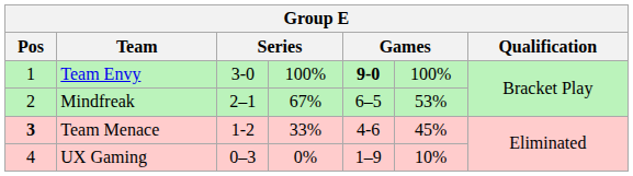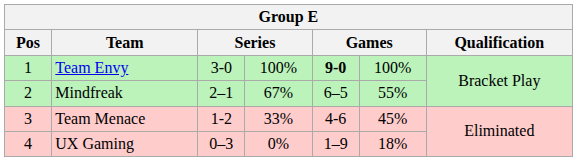 <table class="wikitable" style="display: inline-table;width: 45%;">
 <tr>
 <th colspan="7">Group E</th>
 </tr>
 <tr>
 <th>Pos</th>
 <th>Team</th>
 <th colspan="2">Series</th>
 <th colspan="2">Games</th>
 <th>Qualification</th>
 </tr>
 <tr>
 <td style="text-align:center; background:#BBF3BB;">1</td>
 <td style="text-align:left; background:#BBF3BB;"><a href='#'>Team Envy</a></td>
 <td style="text-align:center; background:#BBF3BB;">3-0</td>
 <td style="text-align:center; background:#BBF3BB;">100%</td>
 <td style="text-align:center; background:#BBF3BB;"><strong>9-0</strong></td>
 <td style="text-align:center; background:#BBF3BB;">100%</td>
 <td style="text-align:center; background:#BBF3BB;" rowspan="2">Bracket Play</td>
 </tr>
 <tr>
 <td style="text-align:center; background:#BBF3BB;">2</td>
 <td style="text-align:left; background:#BBF3BB;">Mindfreak</td>
 <td style="text-align:center; background:#BBF3BB;">2–1</td>
 <td style="text-align:center; background:#BBF3BB;">67%</td>
 <td style="text-align:center; background:#BBF3BB;">6–5</td>
-<td style="text-align:center; background:#BBF3BB;">53%</td>
+<td style="text-align:center; background:#BBF3BB;">55%</td>
 </tr>
 <tr>
-<td style="text-align:center; background:#FFCCCC;"><strong>3</strong></td>
+<td style="text-align:center; background:#FFCCCC;">3</td>
 <td style="text-align:left; background:#FFCCCC;">Team Menace</td>
 <td style="text-align:center; background:#FFCCCC;">1-2</td>
 <td style="text-align:center; background:#FFCCCC;">33%</td>
 <td style="text-align:center; background:#FFCCCC;">4-6</td>
 <td style="text-align:center; background:#FFCCCC;">45%</td>
 <td style="text-align:center; background:#FFCCCC;" rowspan="2">Eliminated</td>
 </tr>
 <tr>
 <td style="text-align:center; background:#FFCCCC;">4</td>
 <td style="text-align:left; background:#FFCCCC;">UX Gaming</td>
 <td style="text-align:center; background:#FFCCCC;">0–3</td>
 <td style="text-align:center; background:#FFCCCC;">0%</td>
 <td style="text-align:center; background:#FFCCCC;">1–9</td>
-<td style="text-align:center; background:#FFCCCC;">10%</td>
+<td style="text-align:center; background:#FFCCCC;">18%</td>
 </tr>
 </table>
